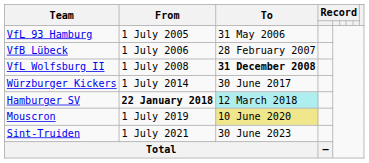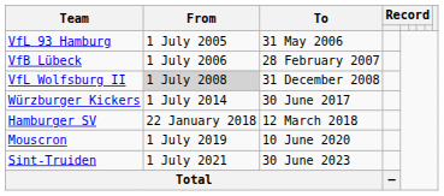 <table class="wikitable" style="text-align:center">
 <tr>
 <th rowspan="2">Team</th>
 <th rowspan="2">From</th>
 <th rowspan="2">To</th>
 <th colspan="5">Record</th>
 <th rowspan="2"></th>
 </tr>
 <tr>
 <th></th>
 <th></th>
 <th></th>
 <th></th>
 <th></th>
 </tr>
 <tr>
 <td align="left"><a href='#'>VfL 93 Hamburg</a></td>
 <td align="left">1 July 2005</td>
 <td align="left">31 May 2006<br></td>
 <td></td>
 </tr>
 <tr>
 <td align="left"><a href='#'>VfB Lübeck</a></td>
 <td align="left">1 July 2006</td>
 <td align="left">28 February 2007<br></td>
 <td></td>
 </tr>
 <tr>
 <td align="left"><a href='#'>VfL Wolfsburg II</a></td>
-<td align="left">1 July 2008</td>
-<td align="left"><strong>31 December 2008<br></strong></td>
+<td align="left" style="background: lightgrey;">1 July 2008</td>
+<td align="left">31 December 2008<br></td>
 <td></td>
 </tr>
 <tr>
 <td align="left"><a href='#'>Würzburger Kickers</a></td>
 <td align="left">1 July 2014</td>
 <td align="left">30 June 2017<br></td>
 <td></td>
 </tr>
 <tr>
 <td align="left"><a href='#'>Hamburger SV</a></td>
-<td align="left"><strong>22 January 2018</strong></td>
-<td align="left" style="background: paleturquoise;">12 March 2018<br></td>
+<td align="left">22 January 2018</td>
+<td align="left">12 March 2018<br></td>
 <td></td>
 </tr>
 <tr>
 <td align="left"><a href='#'>Mouscron</a></td>
 <td align="left">1 July 2019</td>
-<td align="left" style="background: khaki;">10 June 2020<br></td>
+<td align="left">10 June 2020<br></td>
 <td></td>
 </tr>
 <tr>
 <td align="left"><a href='#'>Sint-Truiden</a></td>
 <td align="left">1 July 2021</td>
 <td align="left">30 June 2023<br></td>
 <td></td>
 </tr>
 <tr>
 <th colspan="3">Total<br></th>
 <th>—</th>
 </tr>
 </table>
